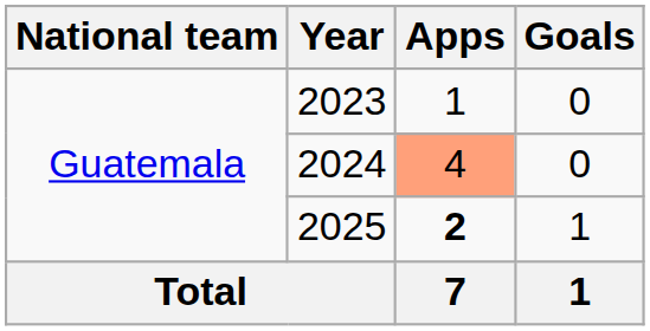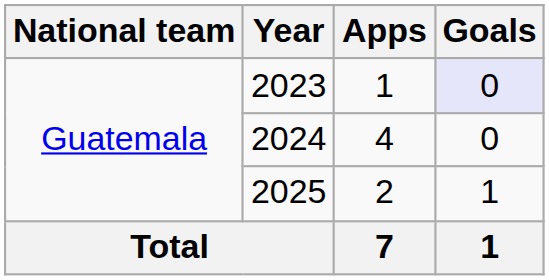 <table class="wikitable" style="text-align:center">
 <tr>
 <th>National team</th>
 <th>Year</th>
 <th>Apps</th>
 <th>Goals</th>
 </tr>
 <tr>
 <td rowspan="3"><a href='#'>Guatemala</a></td>
 <td>2023</td>
 <td>1</td>
-<td>0</td>
+<td style="background: lavender;">0</td>
 </tr>
 <tr>
 <td>2024</td>
-<td style="background: lightsalmon;">4</td>
+<td>4</td>
 <td>0</td>
 </tr>
 <tr>
 <td>2025</td>
-<td><strong>2</strong></td>
+<td>2</td>
 <td>1</td>
 </tr>
 <tr>
 <th colspan="2">Total</th>
 <th>7</th>
 <th>1</th>
 </tr>
 </table>
